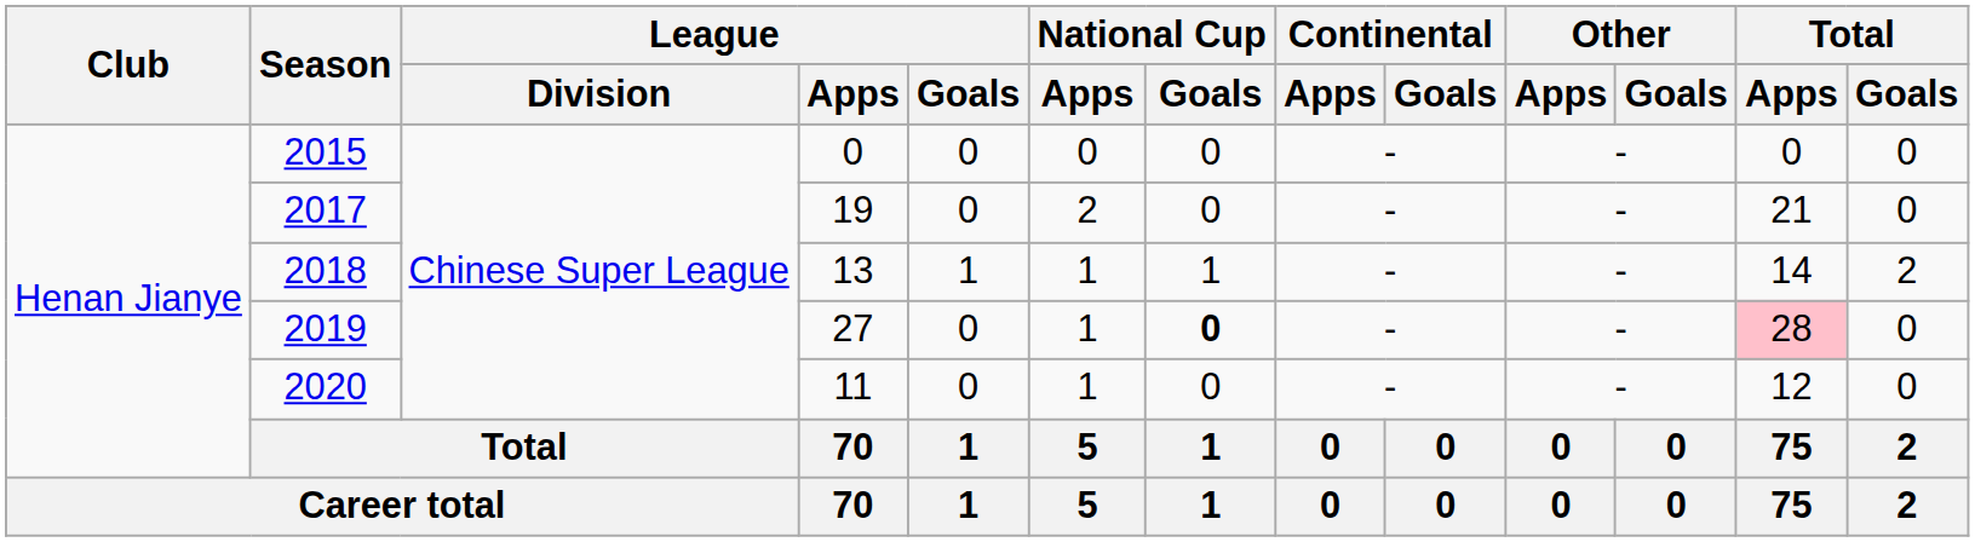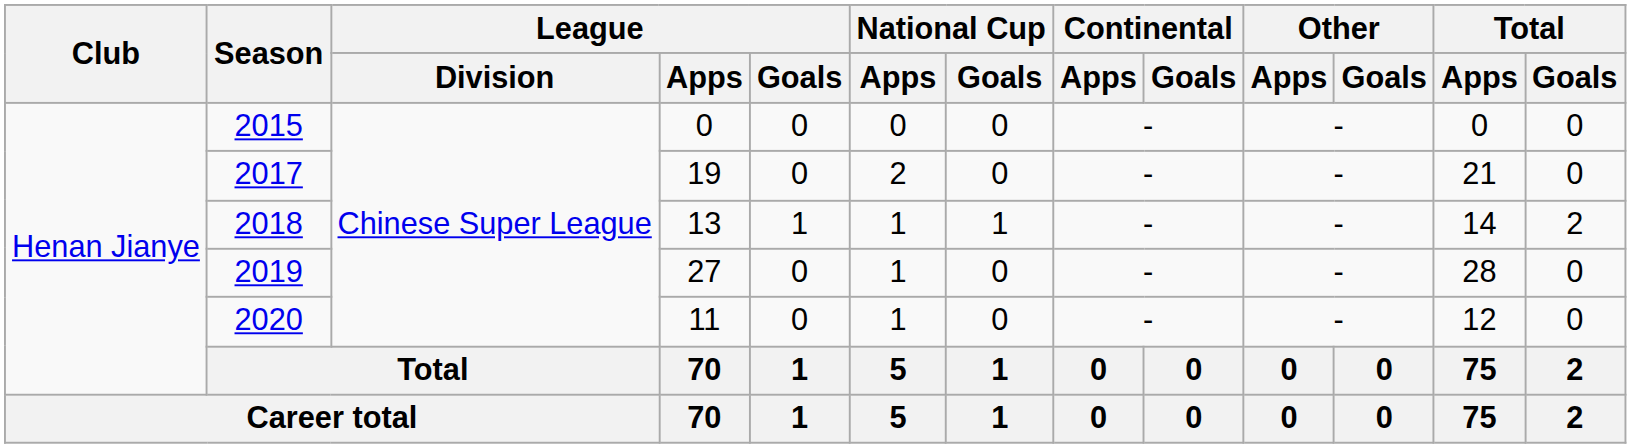 <table class="wikitable" style="text-align: center">
 <tr>
 <th rowspan="2">Club</th>
 <th rowspan="2">Season</th>
 <th colspan="3">League</th>
 <th colspan="2">National Cup</th>
 <th colspan="2">Continental</th>
 <th colspan="2">Other</th>
 <th colspan="2">Total</th>
 </tr>
 <tr>
 <th>Division</th>
 <th>Apps</th>
 <th>Goals</th>
 <th>Apps</th>
 <th>Goals</th>
 <th>Apps</th>
 <th>Goals</th>
 <th>Apps</th>
 <th>Goals</th>
 <th>Apps</th>
 <th>Goals</th>
 </tr>
 <tr>
 <td rowspan=6><a href='#'>Henan Jianye</a></td>
 <td><a href='#'>2015</a></td>
 <td rowspan=5><a href='#'>Chinese Super League</a></td>
 <td>0</td>
 <td>0</td>
 <td>0</td>
 <td>0</td>
 <td colspan="2">-</td>
 <td colspan="2">-</td>
 <td>0</td>
 <td>0</td>
 </tr>
 <tr>
 <td><a href='#'>2017</a></td>
 <td>19</td>
 <td>0</td>
 <td>2</td>
 <td>0</td>
 <td colspan="2">-</td>
 <td colspan="2">-</td>
 <td>21</td>
 <td>0</td>
 </tr>
 <tr>
 <td><a href='#'>2018</a></td>
 <td>13</td>
 <td>1</td>
 <td>1</td>
 <td>1</td>
 <td colspan="2">-</td>
 <td colspan="2">-</td>
 <td>14</td>
 <td>2</td>
 </tr>
 <tr>
 <td><a href='#'>2019</a></td>
 <td>27</td>
 <td>0</td>
 <td>1</td>
-<td><strong>0</strong></td>
+<td>0</td>
 <td colspan="2">-</td>
 <td colspan="2">-</td>
-<td style="background: pink;">28</td>
+<td>28</td>
 <td>0</td>
 </tr>
 <tr>
 <td><a href='#'>2020</a></td>
 <td>11</td>
 <td>0</td>
 <td>1</td>
 <td>0</td>
 <td colspan="2">-</td>
 <td colspan="2">-</td>
 <td>12</td>
 <td>0</td>
 </tr>
 <tr>
 <th colspan="2"><strong>Total</strong></th>
 <th>70</th>
 <th>1</th>
 <th>5</th>
 <th>1</th>
 <th>0</th>
 <th>0</th>
 <th>0</th>
 <th>0</th>
 <th>75</th>
 <th>2</th>
 </tr>
 <tr>
 <th colspan=3>Career total</th>
 <th>70</th>
 <th>1</th>
 <th>5</th>
 <th>1</th>
 <th>0</th>
 <th>0</th>
 <th>0</th>
 <th>0</th>
 <th>75</th>
 <th>2</th>
 </tr>
 </table>
